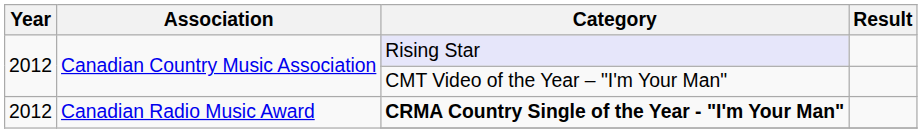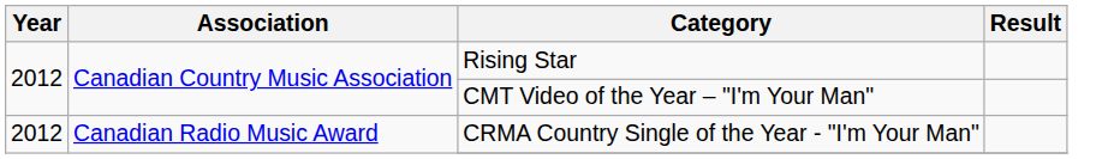 <table class="wikitable">
 <tr>
 <th>Year</th>
 <th>Association</th>
 <th>Category</th>
 <th>Result</th>
 </tr>
 <tr>
 <td rowspan="2">2012</td>
 <td rowspan="2"><a href='#'>Canadian Country Music Association</a></td>
-<td style="background: lavender;">Rising Star</td>
+<td>Rising Star</td>
 <td></td>
 </tr>
 <tr>
 <td>CMT Video of the Year – "I'm Your Man"</td>
 <td></td>
 </tr>
 <tr>
 <td rowspan="2">2012</td>
 <td rowspan="2"><a href='#'>Canadian Radio Music Award</a></td>
-<td><strong>CRMA Country Single of the Year - "I'm Your Man"</strong></td>
+<td>CRMA Country Single of the Year - "I'm Your Man"</td>
 <td></td>
 </tr>
 <tr>
 </tr>
 </table>
